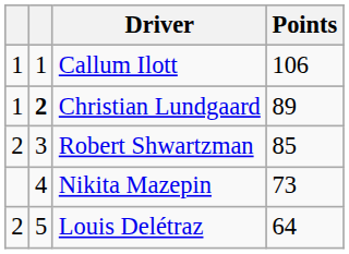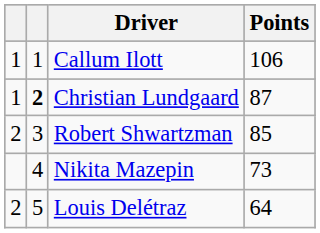 <table class="wikitable" style="font-size: 85%;">
 <tr>
 <th></th>
 <th></th>
 <th>Driver</th>
 <th>Points</th>
 </tr>
 <tr>
 <td align="left"> 1</td>
 <td align="center">1</td>
 <td> <a href='#'>Callum Ilott</a></td>
 <td>106</td>
 </tr>
 <tr>
 <td align="left"> 1</td>
 <td align="center"><strong>2</strong></td>
 <td> <a href='#'>Christian Lundgaard</a></td>
-<td>89</td>
+<td>87</td>
 </tr>
 <tr>
 <td align="left"> 2</td>
 <td align="center">3</td>
 <td> <a href='#'>Robert Shwartzman</a></td>
 <td>85</td>
 </tr>
 <tr>
 <td align="left"></td>
 <td align="center">4</td>
 <td> <a href='#'>Nikita Mazepin</a></td>
 <td>73</td>
 </tr>
 <tr>
 <td align="left"> 2</td>
 <td align="center">5</td>
 <td> <a href='#'>Louis Delétraz</a></td>
 <td>64</td>
 </tr>
 </table>
